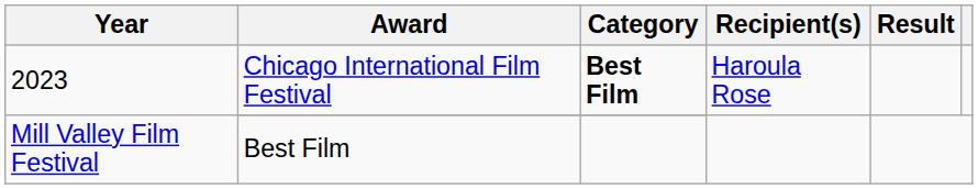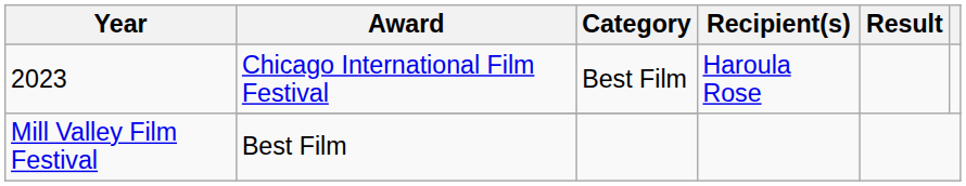 <table class="wikitable plainrowheaders sortable">
 <tr>
 <th scope="col">Year</th>
 <th scope="col">Award</th>
 <th scope="col">Category</th>
 <th scope="col">Recipient(s)</th>
 <th scope="col">Result</th>
 <th scope="col" class="unsortable"></th>
 </tr>
 <tr>
 <td rowspan="2">2023</td>
 <td><a href='#'>Chicago International Film Festival</a></td>
-<td><strong>Best Film</strong></td>
+<td>Best Film</td>
 <td rowspan="2"><a href='#'>Haroula Rose</a></td>
 <td></td>
 <td></td>
 </tr>
 <tr>
 </tr>
 <tr>
 <td><a href='#'>Mill Valley Film Festival</a></td>
 <td>Best Film</td>
 <td></td>
 <td></td>
 </tr>
 </table>
